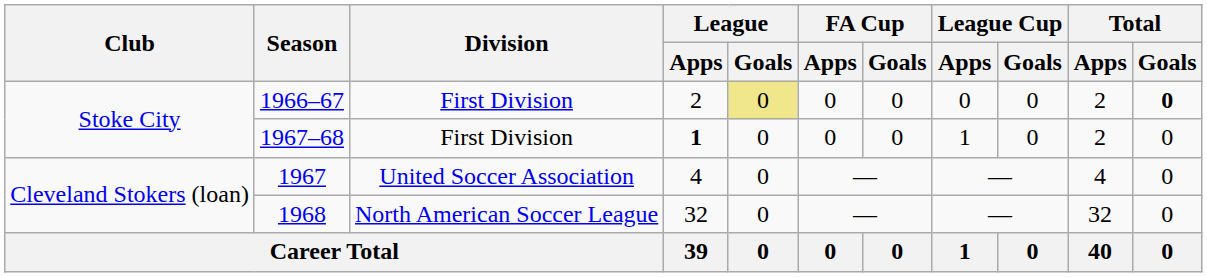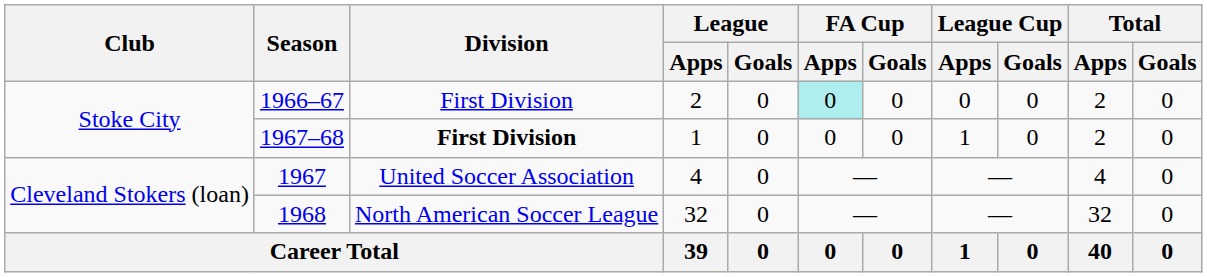 <table class="wikitable" style="text-align: center;">
 <tr>
 <th rowspan="2">Club</th>
 <th rowspan="2">Season</th>
 <th rowspan="2">Division</th>
 <th colspan="2">League</th>
 <th colspan="2">FA Cup</th>
 <th colspan="2">League Cup</th>
 <th colspan="2">Total</th>
 </tr>
 <tr>
 <th>Apps</th>
 <th>Goals</th>
 <th>Apps</th>
 <th>Goals</th>
 <th>Apps</th>
 <th>Goals</th>
 <th>Apps</th>
 <th>Goals</th>
 </tr>
 <tr>
 <td rowspan="2"><a href='#'>Stoke City</a></td>
 <td><a href='#'>1966–67</a></td>
 <td><a href='#'>First Division</a></td>
 <td>2</td>
-<td style="background: khaki;">0</td>
 <td>0</td>
+<td style="background: paleturquoise;">0</td>
 <td>0</td>
 <td>0</td>
 <td>0</td>
 <td>2</td>
-<td><strong>0</strong></td>
+<td>0</td>
 </tr>
 <tr>
 <td><a href='#'>1967–68</a></td>
-<td>First Division</td>
-<td><strong>1</strong></td>
+<td><strong>First Division</strong></td>
+<td>1</td>
 <td>0</td>
 <td>0</td>
 <td>0</td>
 <td>1</td>
 <td>0</td>
 <td>2</td>
 <td>0</td>
 </tr>
 <tr>
 <td rowspan=2><a href='#'>Cleveland Stokers</a> (loan)</td>
 <td><a href='#'>1967</a></td>
 <td><a href='#'>United Soccer Association</a></td>
 <td>4</td>
 <td>0</td>
 <td colspan="2">—</td>
 <td colspan="2">—</td>
 <td>4</td>
 <td>0</td>
 </tr>
 <tr>
 <td><a href='#'>1968</a></td>
 <td><a href='#'>North American Soccer League</a></td>
 <td>32</td>
 <td>0</td>
 <td colspan="2">—</td>
 <td colspan="2">—</td>
 <td>32</td>
 <td>0</td>
 </tr>
 <tr>
 <th colspan="3">Career Total</th>
 <th>39</th>
 <th>0</th>
 <th>0</th>
 <th>0</th>
 <th>1</th>
 <th>0</th>
 <th>40</th>
 <th>0</th>
 </tr>
 </table>
